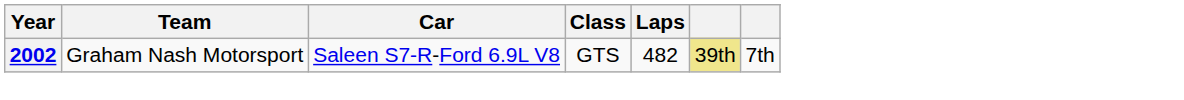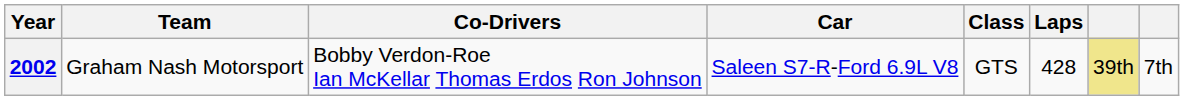 <table class="wikitable" style="font-size:90%">
 <tr>
 <th>Year</th>
 <th>Team</th>
+<th>Co-Drivers</th>
 <th>Car</th>
 <th>Class</th>
 <th>Laps</th>
 <th></th>
 <th></th>
 </tr>
 <tr style="text-align:center;">
 <th><a href='#'>2002</a></th>
 <td align=left> Graham Nash Motorsport</td>
+<td align=left> Bobby Verdon-Roe<br> <a href='#'>Ian McKellar</a>  <a href='#'>Thomas Erdos</a>  <a href='#'>Ron Johnson</a></td>
 <td align=left><a href='#'>Saleen S7-R</a>-<a href='#'>Ford 6.9L V8</a></td>
 <td>GTS</td>
-<td>482</td>
+<td>428</td>
 <td style="background: khaki;">39th</td>
 <td>7th</td>
 </tr>
 </table>
